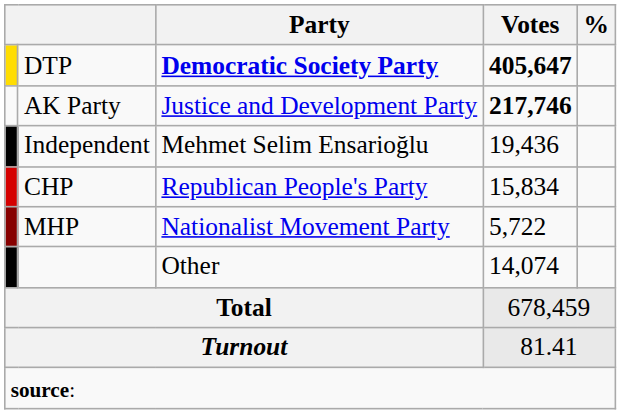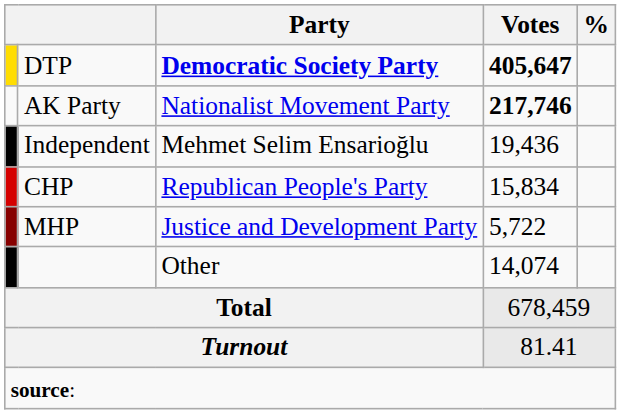 <table class="wikitable">
 <tr>
 <th colspan="2" align="center"></th>
 <th align="center">Party</th>
 <th align="center">Votes</th>
 <th align="center">%</th>
 </tr>
 <tr align="left">
 <td bgcolor="#FFDD00" width="1"></td>
 <td>DTP</td>
 <td><strong><a href='#'>Democratic Society Party</a></strong></td>
 <td><strong>405,647</strong></td>
 <td><strong></strong></td>
 </tr>
 <tr align="left">
 <td></td>
 <td>AK Party</td>
-<td><a href='#'>Justice and Development Party</a></td>
+<td><a href='#'>Nationalist Movement Party</a></td>
 <td><strong>217,746</strong></td>
 <td></td>
 </tr>
 <tr align="left">
 <td bgcolor=" " width="1"></td>
 <td>Independent</td>
 <td>Mehmet Selim Ensarioğlu</td>
 <td>19,436</td>
 <td></td>
 </tr>
 <tr align="left">
 <td bgcolor="#d50000" width="1"></td>
 <td>CHP</td>
 <td><a href='#'>Republican People's Party</a></td>
 <td>15,834</td>
 <td></td>
 </tr>
 <tr align="left">
 <td bgcolor="#870000" width="1"></td>
 <td>MHP</td>
-<td><a href='#'>Nationalist Movement Party</a></td>
+<td><a href='#'>Justice and Development Party</a></td>
 <td>5,722</td>
 <td></td>
 </tr>
 <tr align="left">
 <td bgcolor=" " width="1"></td>
 <td></td>
 <td>Other</td>
 <td>14,074</td>
 <td></td>
 </tr>
 <tr align="left" style="background-color:#E9E9E9">
 <th colspan="3" align="center"><strong>Total</strong></th>
 <td colspan="5" align="center">678,459</td>
 </tr>
 <tr align="left" style="background-color:#E9E9E9">
 <th colspan="3" align="center"><em>Turnout</em></th>
 <td colspan="5" align="center">81.41</td>
 </tr>
 <tr>
 <td colspan="9" align="left"><small><strong>source</strong>: </small></td>
 </tr>
 </table>
